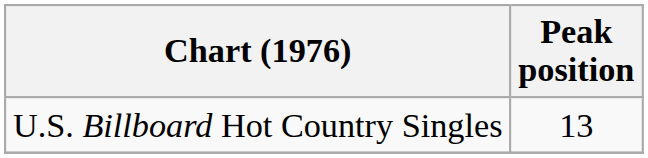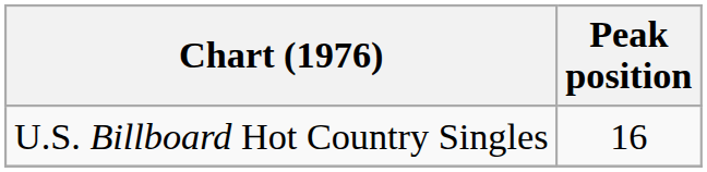 <table class="wikitable sortable">
 <tr>
 <th align="left">Chart (1976)</th>
 <th align="center">Peak<br>position</th>
 </tr>
 <tr>
 <td align="left">U.S. <em>Billboard</em> Hot Country Singles</td>
-<td align="center">13</td>
+<td align="center">16</td>
 </tr>
 <tr>
 </tr>
 </table>
